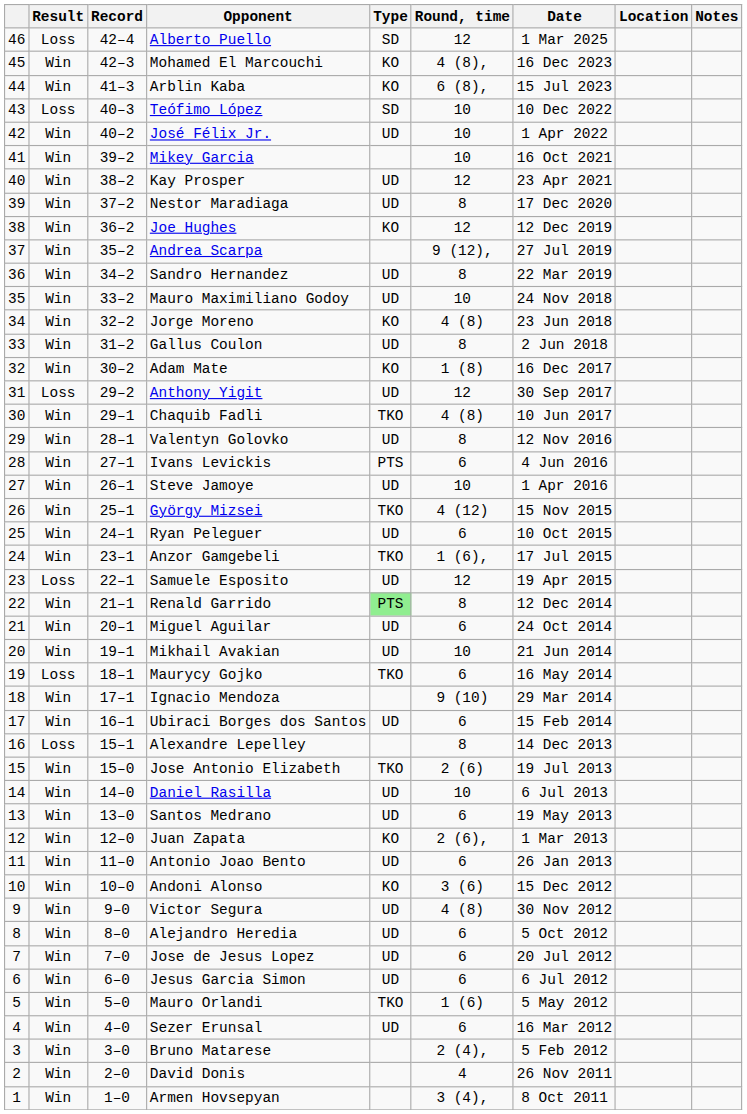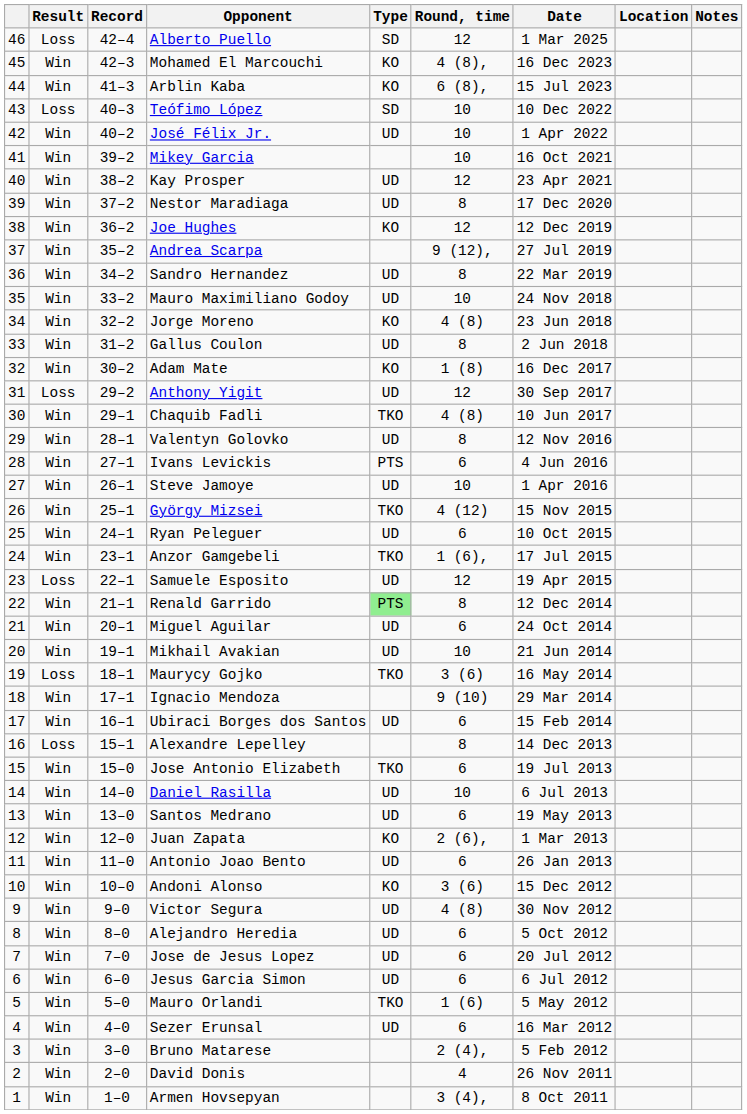 <table class="wikitable" style="text-align:center">
 <tr>
 <th></th>
 <th>Result</th>
 <th>Record</th>
 <th>Opponent</th>
 <th>Type</th>
 <th>Round, time</th>
 <th>Date</th>
 <th>Location</th>
 <th>Notes</th>
 </tr>
 <tr>
 <td>46</td>
 <td>Loss</td>
 <td>42–4</td>
 <td style="text-align:left;"><a href='#'>Alberto Puello</a></td>
 <td>SD</td>
 <td>12</td>
 <td>1 Mar 2025</td>
 <td align=left></td>
 <td align=left></td>
 </tr>
 <tr>
 <td>45</td>
 <td>Win</td>
 <td>42–3</td>
 <td style="text-align:left;">Mohamed El Marcouchi</td>
 <td>KO</td>
 <td>4 (8), </td>
 <td>16 Dec 2023</td>
 <td align=left></td>
 <td></td>
 </tr>
 <tr>
 <td>44</td>
 <td>Win</td>
 <td>41–3</td>
 <td style="text-align:left;">Arblin Kaba</td>
 <td>KO</td>
 <td>6 (8), </td>
 <td>15 Jul 2023</td>
 <td align=left></td>
 <td></td>
 </tr>
 <tr>
 <td>43</td>
 <td>Loss</td>
 <td>40–3</td>
 <td style="text-align:left;"><a href='#'>Teófimo López</a></td>
 <td>SD</td>
 <td>10</td>
 <td>10 Dec 2022</td>
 <td align=left></td>
 <td style="text-align:left;"></td>
 </tr>
 <tr>
 <td>42</td>
 <td>Win</td>
 <td>40–2</td>
 <td align=left><a href='#'>José Félix Jr.</a></td>
 <td>UD</td>
 <td>10</td>
 <td>1 Apr 2022</td>
 <td align=left></td>
 <td align=left></td>
 </tr>
 <tr>
 <td>41</td>
 <td>Win</td>
 <td>39–2</td>
 <td align=left><a href='#'>Mikey Garcia</a></td>
 <td></td>
 <td>10</td>
 <td>16 Oct 2021</td>
 <td align=left></td>
 <td></td>
 </tr>
 <tr>
 <td>40</td>
 <td>Win</td>
 <td>38–2</td>
 <td align=left>Kay Prosper</td>
 <td>UD</td>
 <td>12</td>
 <td>23 Apr 2021</td>
 <td align=left></td>
 <td align=left></td>
 </tr>
 <tr>
 <td>39</td>
 <td>Win</td>
 <td>37–2</td>
 <td align=left>Nestor Maradiaga</td>
 <td>UD</td>
 <td>8</td>
 <td>17 Dec 2020</td>
 <td align=left></td>
 <td></td>
 </tr>
 <tr>
 <td>38</td>
 <td>Win</td>
 <td>36–2</td>
 <td align=left><a href='#'>Joe Hughes</a></td>
 <td>KO</td>
 <td>12</td>
 <td>12 Dec 2019</td>
 <td align=left></td>
 <td align=left></td>
 </tr>
 <tr>
 <td>37</td>
 <td>Win</td>
 <td>35–2</td>
 <td align=left><a href='#'>Andrea Scarpa</a></td>
 <td></td>
 <td>9 (12), </td>
 <td>27 Jul 2019</td>
 <td align=left></td>
 <td align=left></td>
 </tr>
 <tr>
 <td>36</td>
 <td>Win</td>
 <td>34–2</td>
 <td align=left>Sandro Hernandez</td>
 <td>UD</td>
 <td>8</td>
 <td>22 Mar 2019</td>
 <td align=left></td>
 <td></td>
 </tr>
 <tr>
 <td>35</td>
 <td>Win</td>
 <td>33–2</td>
 <td align=left>Mauro Maximiliano Godoy</td>
 <td>UD</td>
 <td>10</td>
 <td>24 Nov 2018</td>
 <td align=left></td>
 <td></td>
 </tr>
 <tr>
 <td>34</td>
 <td>Win</td>
 <td>32–2</td>
 <td align=left>Jorge Moreno</td>
 <td>KO</td>
 <td>4 (8)</td>
 <td>23 Jun 2018</td>
 <td align=left></td>
 <td></td>
 </tr>
 <tr>
 <td>33</td>
 <td>Win</td>
 <td>31–2</td>
 <td align=left>Gallus Coulon</td>
 <td>UD</td>
 <td>8</td>
 <td>2 Jun 2018</td>
 <td align=left></td>
 <td></td>
 </tr>
 <tr>
 <td>32</td>
 <td>Win</td>
 <td>30–2</td>
 <td align=left>Adam Mate</td>
 <td>KO</td>
 <td>1 (8)</td>
 <td>16 Dec 2017</td>
 <td align=left></td>
 <td></td>
 </tr>
 <tr>
 <td>31</td>
 <td>Loss</td>
 <td>29–2</td>
 <td align=left><a href='#'>Anthony Yigit</a></td>
 <td>UD</td>
 <td>12</td>
 <td>30 Sep 2017</td>
 <td align=left></td>
 <td align=left></td>
 </tr>
 <tr>
 <td>30</td>
 <td>Win</td>
 <td>29–1</td>
 <td align=left>Chaquib Fadli</td>
 <td>TKO</td>
 <td>4 (8)</td>
 <td>10 Jun 2017</td>
 <td align=left></td>
 <td></td>
 </tr>
 <tr>
 <td>29</td>
 <td>Win</td>
 <td>28–1</td>
 <td align=left>Valentyn Golovko</td>
 <td>UD</td>
 <td>8</td>
 <td>12 Nov 2016</td>
 <td align=left></td>
 <td></td>
 </tr>
 <tr>
 <td>28</td>
 <td>Win</td>
 <td>27–1</td>
 <td align=left>Ivans Levickis</td>
 <td>PTS</td>
 <td>6</td>
 <td>4 Jun 2016</td>
 <td align=left></td>
 <td></td>
 </tr>
 <tr>
 <td>27</td>
 <td>Win</td>
 <td>26–1</td>
 <td align=left>Steve Jamoye</td>
 <td>UD</td>
 <td>10</td>
 <td>1 Apr 2016</td>
 <td align=left></td>
 <td></td>
 </tr>
 <tr>
 <td>26</td>
 <td>Win</td>
 <td>25–1</td>
 <td align=left><a href='#'>György Mizsei</a></td>
 <td>TKO</td>
 <td>4 (12)</td>
 <td>15 Nov 2015</td>
 <td align=left></td>
 <td align=left></td>
 </tr>
 <tr>
 <td>25</td>
 <td>Win</td>
 <td>24–1</td>
 <td align=left>Ryan Peleguer</td>
 <td>UD</td>
 <td>6</td>
 <td>10 Oct 2015</td>
 <td align=left></td>
 <td></td>
 </tr>
 <tr>
 <td>24</td>
 <td>Win</td>
 <td>23–1</td>
 <td align=left>Anzor Gamgebeli</td>
 <td>TKO</td>
 <td>1 (6), </td>
 <td>17 Jul 2015</td>
 <td align=left></td>
 <td></td>
 </tr>
 <tr>
 <td>23</td>
 <td>Loss</td>
 <td>22–1</td>
 <td align=left>Samuele Esposito</td>
 <td>UD</td>
 <td>12</td>
 <td>19 Apr 2015</td>
 <td align=left></td>
 <td align=left></td>
 </tr>
 <tr>
 <td>22</td>
 <td>Win</td>
 <td>21–1</td>
 <td align=left>Renald Garrido</td>
 <td style="background: lightgreen;">PTS</td>
 <td>8</td>
 <td>12 Dec 2014</td>
 <td align=left></td>
 <td></td>
 </tr>
 <tr>
 <td>21</td>
 <td>Win</td>
 <td>20–1</td>
 <td align=left>Miguel Aguilar</td>
 <td>UD</td>
 <td>6</td>
 <td>24 Oct 2014</td>
 <td align=left></td>
 <td></td>
 </tr>
 <tr>
 <td>20</td>
 <td>Win</td>
 <td>19–1</td>
 <td align=left>Mikhail Avakian</td>
 <td>UD</td>
 <td>10</td>
 <td>21 Jun 2014</td>
 <td align=left></td>
 <td></td>
 </tr>
 <tr>
 <td>19</td>
 <td>Loss</td>
 <td>18–1</td>
 <td align=left>Maurycy Gojko</td>
 <td>TKO</td>
-<td>6</td>
+<td>3 (6)</td>
 <td>16 May 2014</td>
 <td align=left></td>
 <td></td>
 </tr>
 <tr>
 <td>18</td>
 <td>Win</td>
 <td>17–1</td>
 <td align=left>Ignacio Mendoza</td>
 <td></td>
 <td>9 (10)</td>
 <td>29 Mar 2014</td>
 <td align=left></td>
 <td align=left></td>
 </tr>
 <tr>
 <td>17</td>
 <td>Win</td>
 <td>16–1</td>
 <td align=left>Ubiraci Borges dos Santos</td>
 <td>UD</td>
 <td>6</td>
 <td>15 Feb 2014</td>
 <td align=left></td>
 <td></td>
 </tr>
 <tr>
 <td>16</td>
 <td>Loss</td>
 <td>15–1</td>
 <td align=left>Alexandre Lepelley</td>
 <td></td>
 <td>8</td>
 <td>14 Dec 2013</td>
 <td align=left></td>
 <td></td>
 </tr>
 <tr>
 <td>15</td>
 <td>Win</td>
 <td>15–0</td>
 <td align=left>Jose Antonio Elizabeth</td>
 <td>TKO</td>
-<td>2 (6)</td>
+<td>6</td>
 <td>19 Jul 2013</td>
 <td align=left></td>
 <td></td>
 </tr>
 <tr>
 <td>14</td>
 <td>Win</td>
 <td>14–0</td>
 <td align=left><a href='#'>Daniel Rasilla</a></td>
 <td>UD</td>
 <td>10</td>
 <td>6 Jul 2013</td>
 <td align=left></td>
 <td align=left></td>
 </tr>
 <tr>
 <td>13</td>
 <td>Win</td>
 <td>13–0</td>
 <td align=left>Santos Medrano</td>
 <td>UD</td>
 <td>6</td>
 <td>19 May 2013</td>
 <td align=left></td>
 <td></td>
 </tr>
 <tr>
 <td>12</td>
 <td>Win</td>
 <td>12–0</td>
 <td align=left>Juan Zapata</td>
 <td>KO</td>
 <td>2 (6), </td>
 <td>1 Mar 2013</td>
 <td align=left></td>
 <td></td>
 </tr>
 <tr>
 <td>11</td>
 <td>Win</td>
 <td>11–0</td>
 <td align=left>Antonio Joao Bento</td>
 <td>UD</td>
 <td>6</td>
 <td>26 Jan 2013</td>
 <td align=left></td>
 <td></td>
 </tr>
 <tr>
 <td>10</td>
 <td>Win</td>
 <td>10–0</td>
 <td align=left>Andoni Alonso</td>
 <td>KO</td>
 <td>3 (6)</td>
 <td>15 Dec 2012</td>
 <td align=left></td>
 <td></td>
 </tr>
 <tr>
 <td>9</td>
 <td>Win</td>
 <td>9–0</td>
 <td align=left>Victor Segura</td>
 <td>UD</td>
 <td>4 (8)</td>
 <td>30 Nov 2012</td>
 <td align=left></td>
 <td></td>
 </tr>
 <tr>
 <td>8</td>
 <td>Win</td>
 <td>8–0</td>
 <td align=left>Alejandro Heredia</td>
 <td>UD</td>
 <td>6</td>
 <td>5 Oct 2012</td>
 <td align=left></td>
 <td></td>
 </tr>
 <tr>
 <td>7</td>
 <td>Win</td>
 <td>7–0</td>
 <td align=left>Jose de Jesus Lopez</td>
 <td>UD</td>
 <td>6</td>
 <td>20 Jul 2012</td>
 <td align=left></td>
 <td></td>
 </tr>
 <tr>
 <td>6</td>
 <td>Win</td>
 <td>6–0</td>
 <td align=left>Jesus Garcia Simon</td>
 <td>UD</td>
 <td>6</td>
 <td>6 Jul 2012</td>
 <td align=left></td>
 <td></td>
 </tr>
 <tr>
 <td>5</td>
 <td>Win</td>
 <td>5–0</td>
 <td align=left>Mauro Orlandi</td>
 <td>TKO</td>
 <td>1 (6)</td>
 <td>5 May 2012</td>
 <td align=left></td>
 <td></td>
 </tr>
 <tr>
 <td>4</td>
 <td>Win</td>
 <td>4–0</td>
 <td align=left>Sezer Erunsal</td>
 <td>UD</td>
 <td>6</td>
 <td>16 Mar 2012</td>
 <td align=left></td>
 <td></td>
 </tr>
 <tr>
 <td>3</td>
 <td>Win</td>
 <td>3–0</td>
 <td align=left>Bruno Matarese</td>
 <td></td>
 <td>2 (4), </td>
 <td>5 Feb 2012</td>
 <td align=left></td>
 <td></td>
 </tr>
 <tr>
 <td>2</td>
 <td>Win</td>
 <td>2–0</td>
 <td align=left>David Donis</td>
 <td></td>
 <td>4</td>
 <td>26 Nov 2011</td>
 <td align=left></td>
 <td></td>
 </tr>
 <tr>
 <td>1</td>
 <td>Win</td>
 <td>1–0</td>
 <td align=left>Armen Hovsepyan</td>
 <td></td>
 <td>3 (4), </td>
 <td>8 Oct 2011</td>
 <td align=left></td>
 <td></td>
 </tr>
 <tr>
 </tr>
 </table>
